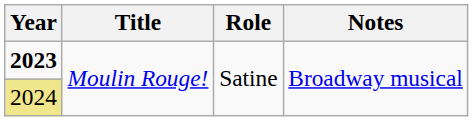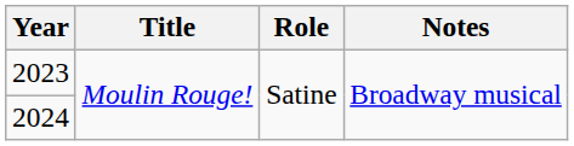 <table class="wikitable sortable">
 <tr>
 <th>Year</th>
 <th>Title</th>
 <th>Role</th>
 <th>Notes</th>
 </tr>
 <tr>
-<td><strong>2023</strong></td>
+<td>2023</td>
 <td rowspan="2"><em><a href='#'> Moulin Rouge!</a></em></td>
 <td rowspan="2">Satine</td>
 <td rowspan="2"><a href='#'>Broadway musical</a></td>
 </tr>
 <tr>
-<td style="background: khaki;">2024</td>
+<td>2024</td>
 </tr>
 </table>
